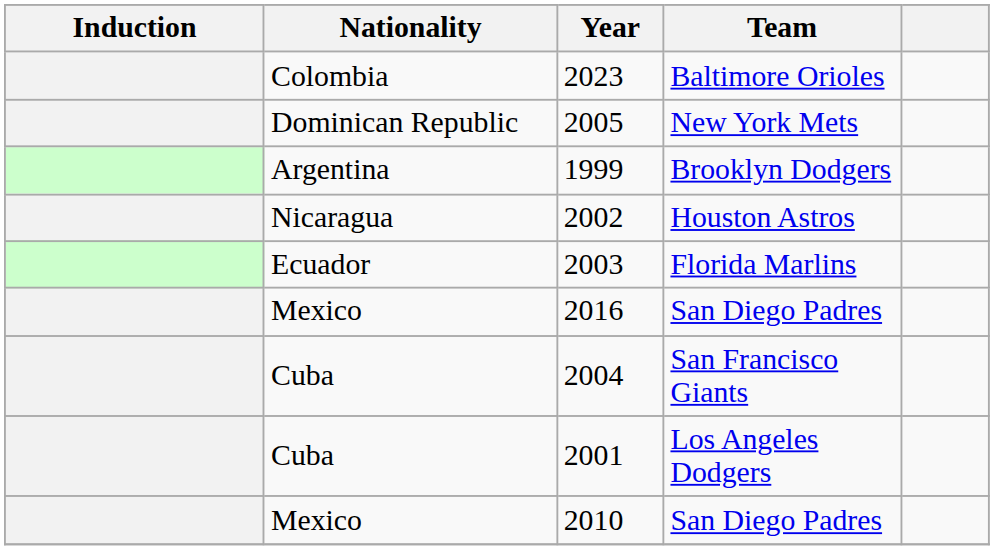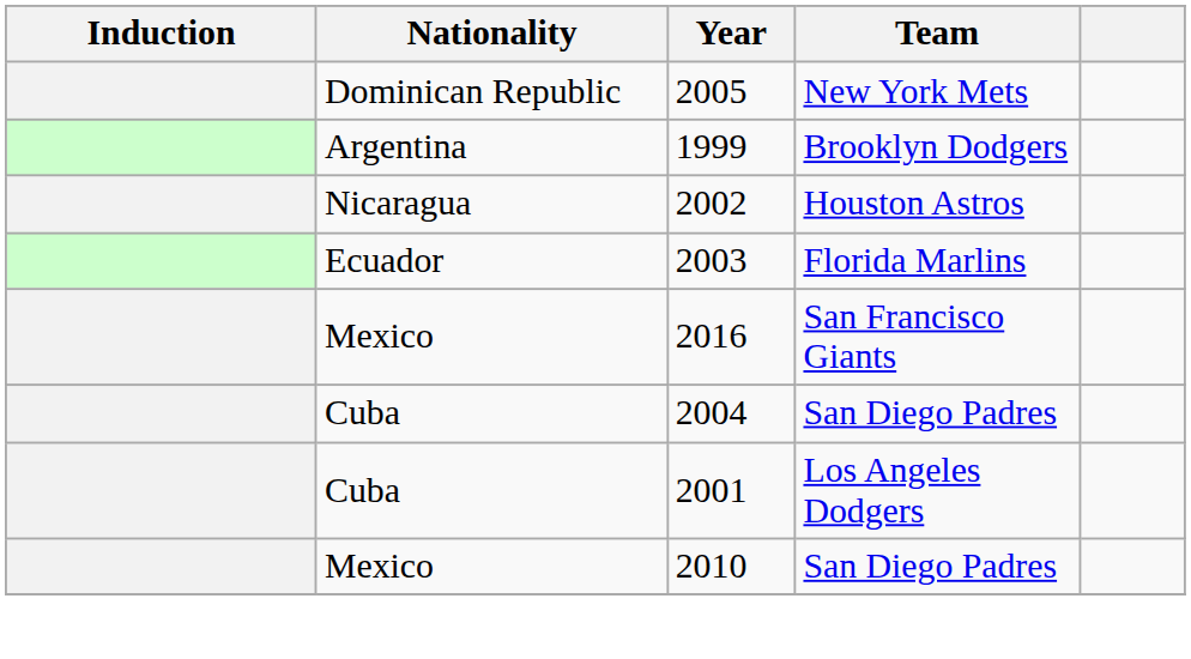 <table class="wikitable sortable">
 <tr>
 <th scope="col" style="width:132px;">Induction</th>
 <th scope="col" style="width:150px;">Nationality</th>
 <th scope="col" style="width:50px;">Year</th>
 <th scope="col" style="width:120px;">Team</th>
 <th scope="col" style="width:40px;" class="unsortable"></th>
-</tr>
-<tr>
-<th scope="row" style="text-align:center"></th>
-<td> Colombia</td>
-<td>2023</td>
-<td><a href='#'>Baltimore Orioles</a></td>
-<td></td>
 </tr>
 <tr>
 <th scope="row" style="text-align:center"></th>
 <td> Dominican Republic</td>
 <td>2005</td>
 <td><a href='#'>New York Mets</a></td>
 <td></td>
 </tr>
 <tr>
 <th scope="row" style="background-color:#ccffcc"></th>
 <td> Argentina<br></td>
 <td>1999</td>
 <td><a href='#'>Brooklyn Dodgers</a></td>
 <td></td>
 </tr>
 <tr>
 <th scope="row" style="text-align:center"></th>
 <td> Nicaragua</td>
 <td>2002</td>
 <td><a href='#'>Houston Astros</a></td>
 <td></td>
 </tr>
 <tr>
 <th scope="row" style="background-color:#ccffcc"></th>
 <td> Ecuador<br></td>
 <td>2003</td>
 <td><a href='#'>Florida Marlins</a></td>
 <td></td>
 </tr>
 <tr>
 <th scope="row" style="text-align:center"></th>
 <td> Mexico</td>
 <td>2016</td>
-<td><a href='#'>San Diego Padres</a></td>
+<td><a href='#'>San Francisco Giants</a></td>
 <td></td>
 </tr>
 <tr>
 <th scope="row" style="text-align:center"></th>
 <td> Cuba<br></td>
 <td>2004</td>
-<td><a href='#'>San Francisco Giants</a></td>
+<td><a href='#'>San Diego Padres</a></td>
 <td></td>
 </tr>
 <tr>
 <th scope="row" style="text-align:center"></th>
 <td> Cuba</td>
 <td>2001</td>
 <td><a href='#'>Los Angeles Dodgers</a></td>
 <td></td>
 </tr>
 <tr>
 <th scope="row" style="text-align:center"></th>
 <td> Mexico</td>
 <td>2010</td>
 <td><a href='#'>San Diego Padres</a></td>
 <td></td>
 </tr>
 <tr>
 </tr>
 </table>
